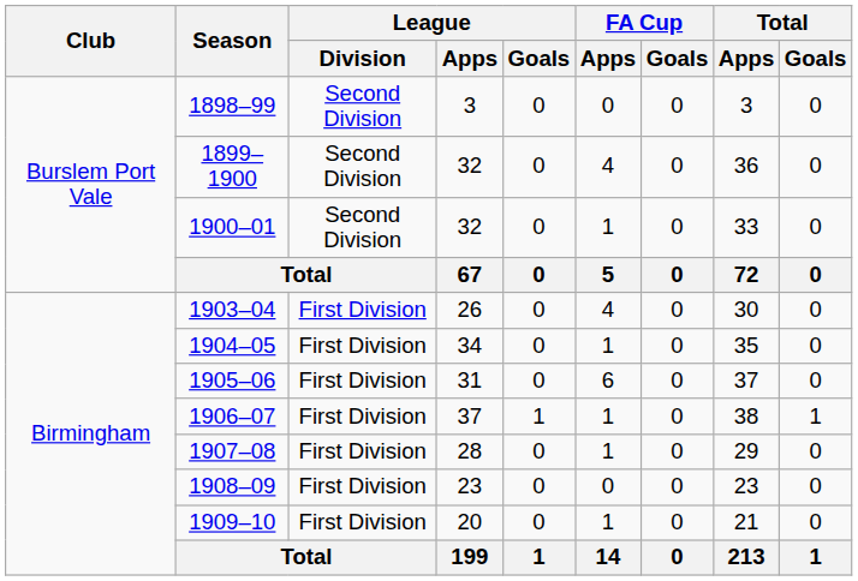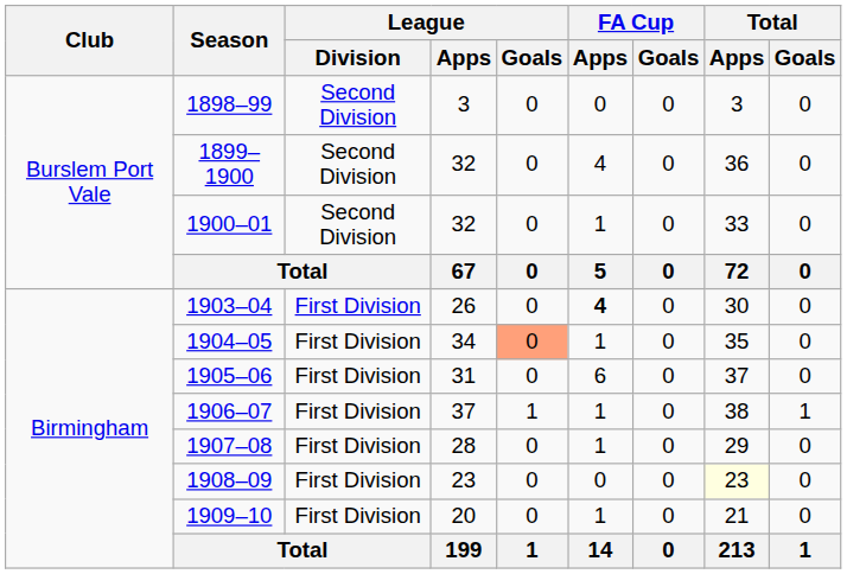 <table class="wikitable" style="text-align:center">
 <tr>
 <th rowspan="2">Club</th>
 <th rowspan="2">Season</th>
 <th colspan="3">League</th>
 <th colspan="2"><a href='#'>FA Cup</a></th>
 <th colspan="2">Total</th>
 </tr>
 <tr>
 <th>Division</th>
 <th>Apps</th>
 <th>Goals</th>
 <th>Apps</th>
 <th>Goals</th>
 <th>Apps</th>
 <th>Goals</th>
 </tr>
 <tr>
 <td rowspan="4"><a href='#'>Burslem Port Vale</a></td>
 <td><a href='#'>1898–99</a></td>
 <td><a href='#'>Second Division</a></td>
 <td>3</td>
 <td>0</td>
 <td>0</td>
 <td>0</td>
 <td>3</td>
 <td>0</td>
 </tr>
 <tr>
 <td><a href='#'>1899–1900</a></td>
 <td>Second Division</td>
 <td>32</td>
 <td>0</td>
 <td>4</td>
 <td>0</td>
 <td>36</td>
 <td>0</td>
 </tr>
 <tr>
 <td><a href='#'>1900–01</a></td>
 <td>Second Division</td>
 <td>32</td>
 <td>0</td>
 <td>1</td>
 <td>0</td>
 <td>33</td>
 <td>0</td>
 </tr>
 <tr>
 <th colspan="2">Total</th>
 <th>67</th>
 <th>0</th>
 <th>5</th>
 <th>0</th>
 <th>72</th>
 <th>0</th>
 </tr>
 <tr>
 <td rowspan="8"><a href='#'>Birmingham</a></td>
 <td><a href='#'>1903–04</a></td>
 <td><a href='#'>First Division</a></td>
 <td>26</td>
 <td>0</td>
-<td>4</td>
+<td><strong>4</strong></td>
 <td>0</td>
 <td>30</td>
 <td>0</td>
 </tr>
 <tr>
 <td><a href='#'>1904–05</a></td>
 <td>First Division</td>
 <td>34</td>
-<td>0</td>
+<td style="background: lightsalmon;">0</td>
 <td>1</td>
 <td>0</td>
 <td>35</td>
 <td>0</td>
 </tr>
 <tr>
 <td><a href='#'>1905–06</a></td>
 <td>First Division</td>
 <td>31</td>
 <td>0</td>
 <td>6</td>
 <td>0</td>
 <td>37</td>
 <td>0</td>
 </tr>
 <tr>
 <td><a href='#'>1906–07</a></td>
 <td>First Division</td>
 <td>37</td>
 <td>1</td>
 <td>1</td>
 <td>0</td>
 <td>38</td>
 <td>1</td>
 </tr>
 <tr>
 <td><a href='#'>1907–08</a></td>
 <td>First Division</td>
 <td>28</td>
 <td>0</td>
 <td>1</td>
 <td>0</td>
 <td>29</td>
 <td>0</td>
 </tr>
 <tr>
 <td><a href='#'>1908–09</a></td>
 <td>First Division</td>
 <td>23</td>
 <td>0</td>
 <td>0</td>
 <td>0</td>
-<td>23</td>
+<td style="background: lightyellow;">23</td>
 <td>0</td>
 </tr>
 <tr>
 <td><a href='#'>1909–10</a></td>
 <td>First Division</td>
 <td>20</td>
 <td>0</td>
 <td>1</td>
 <td>0</td>
 <td>21</td>
 <td>0</td>
 </tr>
 <tr>
 <th colspan="2">Total</th>
 <th>199</th>
 <th>1</th>
 <th>14</th>
 <th>0</th>
 <th>213</th>
 <th>1</th>
 </tr>
 </table>
